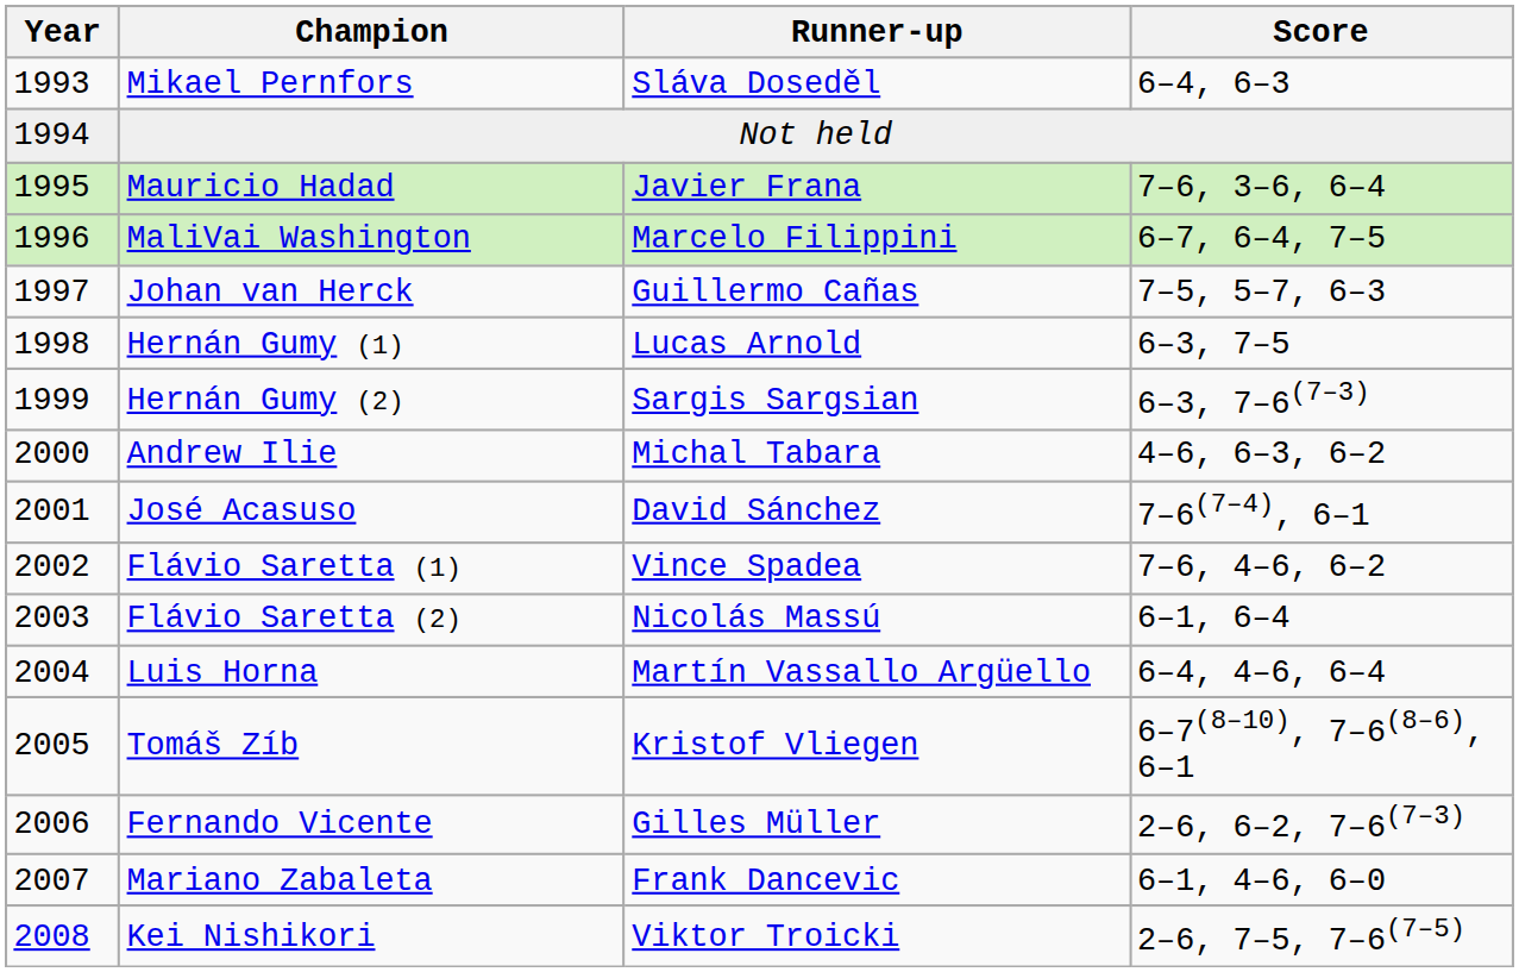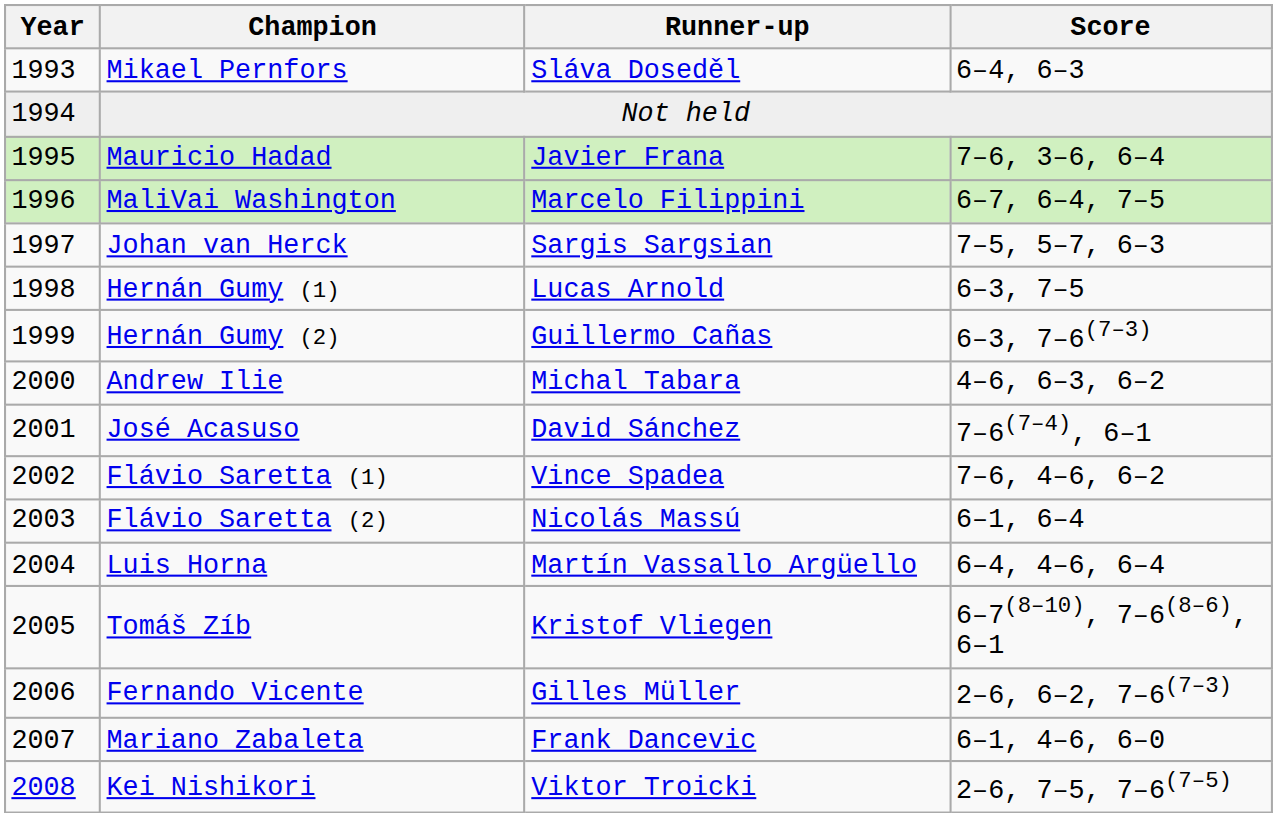 <table class="wikitable">
 <tr>
 <th style="width:40px">Year</th>
 <th style="width:200px">Champion</th>
 <th style="width:200px">Runner-up</th>
 <th style="width:150px" class="unsortable">Score</th>
 </tr>
 <tr>
 <td>1993</td>
 <td> <a href='#'>Mikael Pernfors</a></td>
 <td> <a href='#'>Sláva Doseděl</a></td>
 <td>6–4, 6–3</td>
 </tr>
 <tr>
 <td style="background:#efefef">1994</td>
 <td colspan=3 align=center style="background:#efefef"><em>Not held</em></td>
 </tr>
 <tr>
 <td bgcolor="d0f0c0">1995</td>
 <td bgcolor="d0f0c0"> <a href='#'>Mauricio Hadad</a></td>
 <td bgcolor="d0f0c0"> <a href='#'>Javier Frana</a></td>
 <td bgcolor="d0f0c0">7–6, 3–6, 6–4</td>
 </tr>
 <tr>
 <td bgcolor="d0f0c0">1996</td>
 <td bgcolor="d0f0c0"> <a href='#'>MaliVai Washington</a></td>
 <td bgcolor="d0f0c0"> <a href='#'>Marcelo Filippini</a></td>
 <td bgcolor="d0f0c0">6–7, 6–4, 7–5</td>
 </tr>
 <tr>
 <td>1997</td>
 <td> <a href='#'>Johan van Herck</a></td>
-<td> <a href='#'>Guillermo Cañas</a></td>
+<td> <a href='#'>Sargis Sargsian</a></td>
 <td>7–5, 5–7, 6–3</td>
 </tr>
 <tr>
 <td>1998</td>
 <td> <a href='#'>Hernán Gumy</a> <small>(1)</small></td>
 <td> <a href='#'>Lucas Arnold</a></td>
 <td>6–3, 7–5</td>
 </tr>
 <tr>
 <td>1999</td>
 <td> <a href='#'>Hernán Gumy</a> <small>(2)</small></td>
-<td> <a href='#'>Sargis Sargsian</a></td>
+<td> <a href='#'>Guillermo Cañas</a></td>
 <td>6–3, 7–6<sup>(7–3)</sup></td>
 </tr>
 <tr>
 <td>2000</td>
 <td> <a href='#'>Andrew Ilie</a></td>
 <td> <a href='#'>Michal Tabara</a></td>
 <td>4–6, 6–3, 6–2</td>
 </tr>
 <tr>
 <td>2001</td>
 <td> <a href='#'>José Acasuso</a></td>
 <td> <a href='#'>David Sánchez</a></td>
 <td>7–6<sup>(7–4)</sup>, 6–1</td>
 </tr>
 <tr>
 <td>2002</td>
 <td> <a href='#'>Flávio Saretta</a> <small>(1)</small></td>
 <td> <a href='#'>Vince Spadea</a></td>
 <td>7–6, 4–6, 6–2</td>
 </tr>
 <tr>
 <td>2003</td>
 <td> <a href='#'>Flávio Saretta</a> <small>(2)</small></td>
 <td> <a href='#'>Nicolás Massú</a></td>
 <td>6–1, 6–4</td>
 </tr>
 <tr>
 <td>2004</td>
 <td> <a href='#'>Luis Horna</a></td>
 <td> <a href='#'>Martín Vassallo Argüello</a></td>
 <td>6–4, 4–6, 6–4</td>
 </tr>
 <tr>
 <td>2005</td>
 <td> <a href='#'>Tomáš Zíb</a></td>
 <td> <a href='#'>Kristof Vliegen</a></td>
 <td>6–7<sup>(8–10)</sup>, 7–6<sup>(8–6)</sup>, 6–1</td>
 </tr>
 <tr>
 <td>2006</td>
 <td> <a href='#'>Fernando Vicente</a></td>
 <td> <a href='#'>Gilles Müller</a></td>
 <td>2–6, 6–2, 7–6<sup>(7–3)</sup></td>
 </tr>
 <tr>
 <td>2007</td>
 <td> <a href='#'>Mariano Zabaleta</a></td>
 <td> <a href='#'>Frank Dancevic</a></td>
 <td>6–1, 4–6, 6–0</td>
 </tr>
 <tr>
 <td><a href='#'>2008</a></td>
 <td> <a href='#'>Kei Nishikori</a></td>
 <td> <a href='#'>Viktor Troicki</a></td>
 <td>2–6, 7–5, 7–6<sup>(7–5)</sup></td>
 </tr>
 </table>
